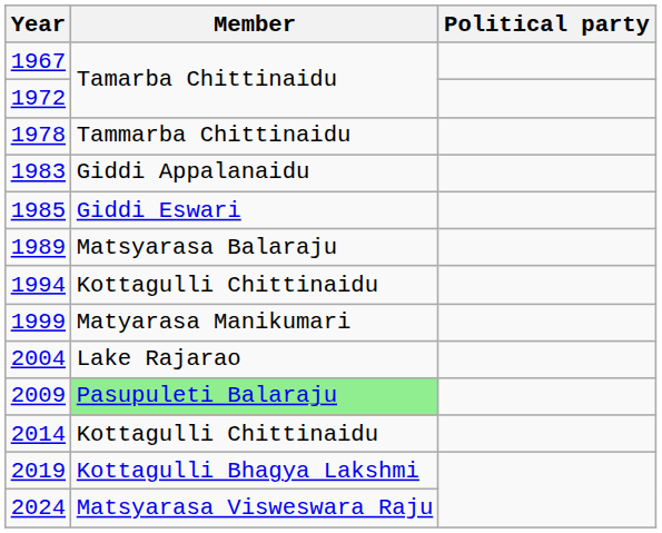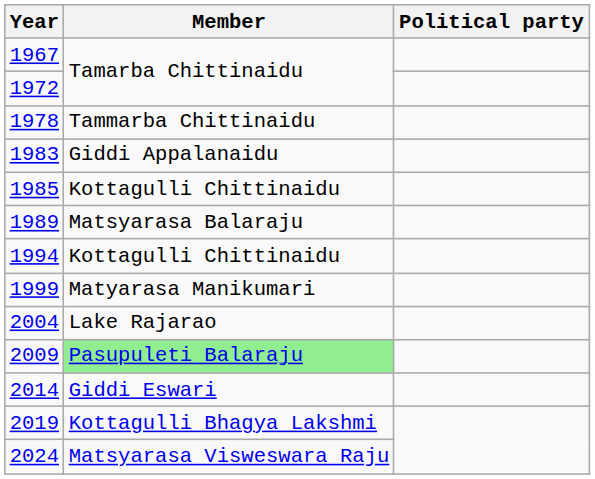 <table class="wikitable sortable">
 <tr>
 <th>Year</th>
 <th>Member</th>
 <th colspan=2>Political party</th>
 </tr>
 <tr>
 <td><a href='#'>1967</a></td>
 <td rowspan=2>Tamarba Chittinaidu</td>
 <td></td>
 </tr>
 <tr>
 <td><a href='#'>1972</a></td>
 </tr>
 <tr>
 <td><a href='#'>1978</a></td>
 <td>Tammarba Chittinaidu</td>
 <td></td>
 </tr>
 <tr>
 <td><a href='#'>1983</a></td>
 <td>Giddi Appalanaidu</td>
 <td></td>
 </tr>
 <tr>
 <td><a href='#'>1985</a></td>
-<td><a href='#'>Giddi Eswari</a></td>
+<td>Kottagulli Chittinaidu</td>
 <td></td>
 </tr>
 <tr>
 <td><a href='#'>1989</a></td>
 <td>Matsyarasa Balaraju</td>
 <td></td>
 </tr>
 <tr>
 <td><a href='#'>1994</a></td>
 <td>Kottagulli Chittinaidu</td>
 <td></td>
 </tr>
 <tr>
 <td><a href='#'>1999</a></td>
 <td>Matyarasa Manikumari</td>
 </tr>
 <tr>
 <td><a href='#'>2004</a></td>
 <td>Lake Rajarao</td>
 <td></td>
 </tr>
 <tr>
 <td><a href='#'>2009</a></td>
 <td style="background: lightgreen;"><a href='#'>Pasupuleti Balaraju</a></td>
 <td></td>
 </tr>
 <tr>
 <td><a href='#'>2014</a></td>
-<td>Kottagulli Chittinaidu</td>
+<td><a href='#'>Giddi Eswari</a></td>
 <td></td>
 </tr>
 <tr>
 <td><a href='#'>2019</a></td>
 <td><a href='#'>Kottagulli Bhagya Lakshmi</a></td>
 </tr>
 <tr>
 <td><a href='#'>2024</a></td>
 <td><a href='#'>Matsyarasa Visweswara Raju</a></td>
 </tr>
 </table>
